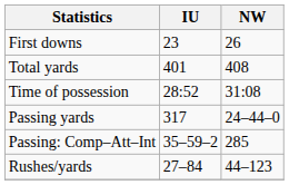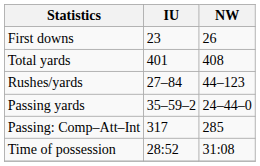 <table class="wikitable" style="float: left;">
 <tr>
 <th>Statistics</th>
 <th>IU</th>
 <th>NW</th>
 </tr>
 <tr>
 <td>First downs</td>
 <td>23</td>
 <td>26</td>
 </tr>
 <tr>
 <td>Total yards</td>
 <td>401</td>
 <td>408</td>
 </tr>
 <tr>
+<td>Rushes/yards</td>
+<td>27–84</td>
+<td>44–123</td>
+</tr>
+<tr>
+<td>Passing yards</td>
+<td>35–59–2</td>
+<td>24–44–0</td>
+</tr>
+<tr>
+<td>Passing: Comp–Att–Int</td>
+<td>317</td>
+<td>285</td>
+</tr>
+<tr>
 <td>Time of possession</td>
 <td>28:52</td>
 <td>31:08</td>
 </tr>
 <tr>
-<td>Passing yards</td>
-<td>317</td>
-<td>24–44–0</td>
-</tr>
-<tr>
-<td>Passing: Comp–Att–Int</td>
-<td>35–59–2</td>
-<td>285</td>
-</tr>
-<tr>
-<td>Rushes/yards</td>
-<td>27–84</td>
-<td>44–123</td>
-</tr>
-<tr>
 </tr>
 </table>
